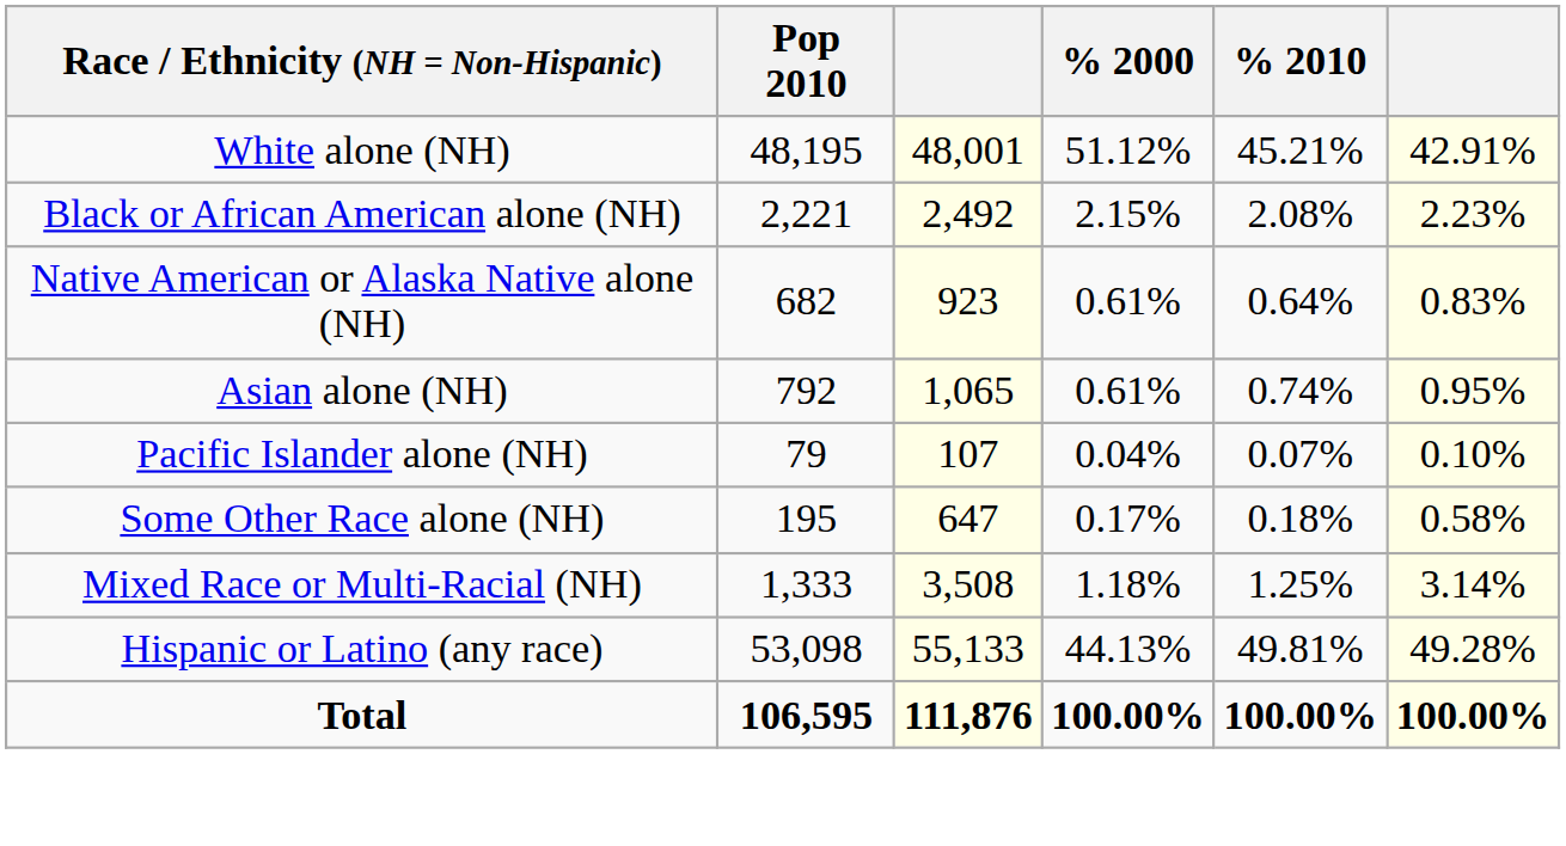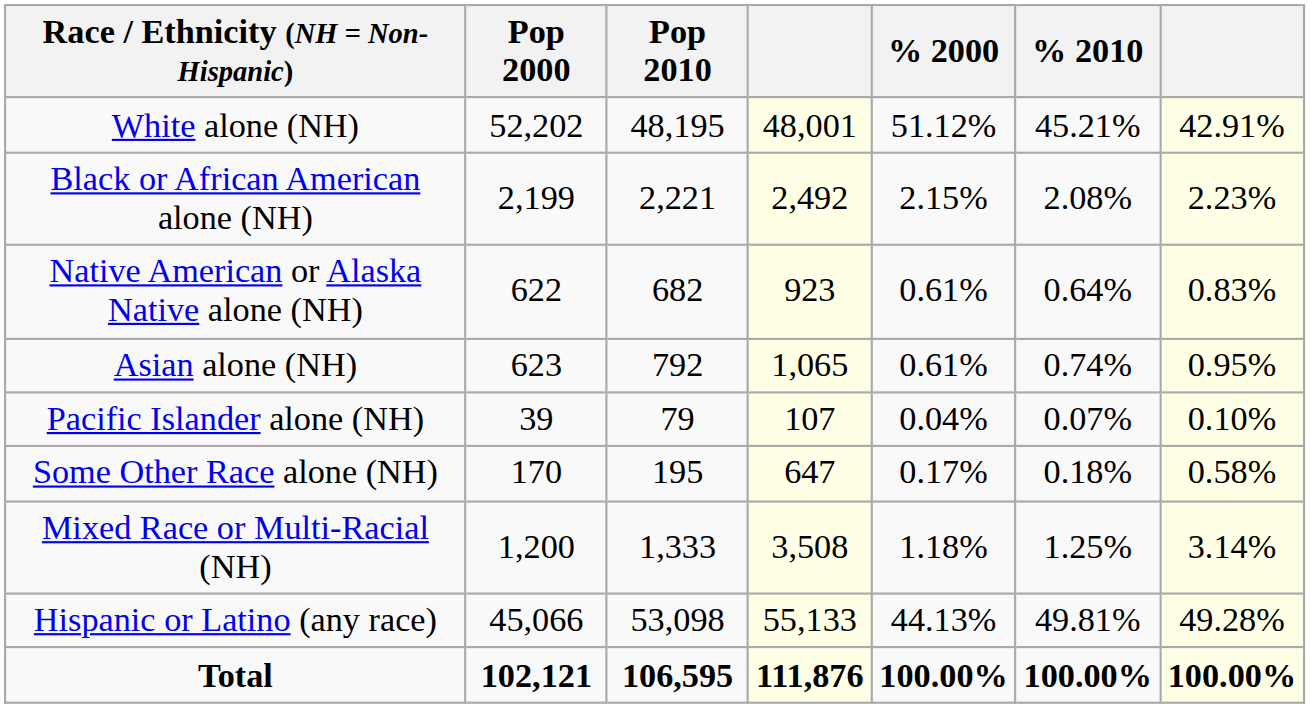 <table class="wikitable" style="text-align:center;">
 <tr>
 <th>Race / Ethnicity <small>(<em>NH = Non-Hispanic</em>)</small></th>
+<th>Pop 2000</th>
 <th>Pop 2010</th>
 <th></th>
 <th>% 2000</th>
 <th>% 2010</th>
 <th></th>
 </tr>
 <tr>
 <td><a href='#'>White</a> alone (NH)</td>
+<td>52,202</td>
 <td>48,195</td>
 <td style='background: #ffffe6;'>48,001</td>
 <td>51.12%</td>
 <td>45.21%</td>
 <td style='background: #ffffe6;'>42.91%</td>
 </tr>
 <tr>
 <td><a href='#'>Black or African American</a> alone (NH)</td>
+<td>2,199</td>
 <td>2,221</td>
 <td style='background: #ffffe6;'>2,492</td>
 <td>2.15%</td>
 <td>2.08%</td>
 <td style='background: #ffffe6;'>2.23%</td>
 </tr>
 <tr>
 <td><a href='#'>Native American</a> or <a href='#'>Alaska Native</a> alone (NH)</td>
+<td>622</td>
 <td>682</td>
 <td style='background: #ffffe6;'>923</td>
 <td>0.61%</td>
 <td>0.64%</td>
 <td style='background: #ffffe6;'>0.83%</td>
 </tr>
 <tr>
 <td><a href='#'>Asian</a> alone (NH)</td>
+<td>623</td>
 <td>792</td>
 <td style='background: #ffffe6;'>1,065</td>
 <td>0.61%</td>
 <td>0.74%</td>
 <td style='background: #ffffe6;'>0.95%</td>
 </tr>
 <tr>
 <td><a href='#'>Pacific Islander</a> alone (NH)</td>
+<td>39</td>
 <td>79</td>
 <td style='background: #ffffe6;'>107</td>
 <td>0.04%</td>
 <td>0.07%</td>
 <td style='background: #ffffe6;'>0.10%</td>
 </tr>
 <tr>
 <td><a href='#'>Some Other Race</a> alone (NH)</td>
+<td>170</td>
 <td>195</td>
 <td style='background: #ffffe6;'>647</td>
 <td>0.17%</td>
 <td>0.18%</td>
 <td style='background: #ffffe6;'>0.58%</td>
 </tr>
 <tr>
 <td><a href='#'>Mixed Race or Multi-Racial</a> (NH)</td>
+<td>1,200</td>
 <td>1,333</td>
 <td style='background: #ffffe6;'>3,508</td>
 <td>1.18%</td>
 <td>1.25%</td>
 <td style='background: #ffffe6;'>3.14%</td>
 </tr>
 <tr>
 <td><a href='#'>Hispanic or Latino</a> (any race)</td>
+<td>45,066</td>
 <td>53,098</td>
 <td style='background: #ffffe6;'>55,133</td>
 <td>44.13%</td>
 <td>49.81%</td>
 <td style='background: #ffffe6;'>49.28%</td>
 </tr>
 <tr>
 <td><strong>Total</strong></td>
+<td><strong>102,121</strong></td>
 <td><strong>106,595</strong></td>
 <td style='background: #ffffe6;'><strong>111,876</strong></td>
 <td><strong>100.00%</strong></td>
 <td><strong>100.00%</strong></td>
 <td style='background: #ffffe6;'><strong>100.00%</strong></td>
 </tr>
 </table>
